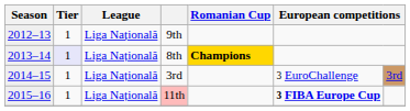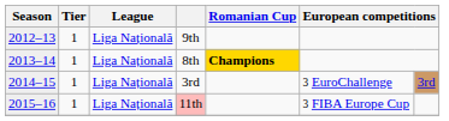 <table class="wikitable" style="font-size:85%; text-align:center">
 <tr>
 <th>Season</th>
 <th>Tier</th>
 <th>League</th>
 <th></th>
 <th><a href='#'>Romanian Cup</a></th>
 <th colspan=2>European competitions</th>
 </tr>
 <tr>
 <td bgcolor=#efefef><a href='#'>2012–13</a></td>
 <td>1</td>
 <td align=left><a href='#'>Liga Națională</a></td>
 <td>9th</td>
 <td></td>
 <td colspan=2></td>
 </tr>
 <tr>
 <td bgcolor=#efefef><a href='#'>2013–14</a></td>
-<td style="background: lavender;">1</td>
+<td>1</td>
 <td align=left><a href='#'>Liga Națională</a></td>
 <td>8th</td>
 <td align=left bgcolor=gold><strong>Champions</strong></td>
 <td colspan=2></td>
 </tr>
 <tr>
 <td bgcolor=#efefef><a href='#'>2014–15</a></td>
 <td>1</td>
 <td align=left><a href='#'>Liga Națională</a></td>
 <td>3rd</td>
 <td></td>
 <td align=left><small>3</small> <a href='#'>EuroChallenge</a></td>
 <td align=center bgcolor=#cc9966><a href='#'>3rd</a></td>
 </tr>
 <tr>
 <td bgcolor=#efefef><a href='#'>2015–16</a></td>
 <td>1</td>
 <td align=left><a href='#'>Liga Națională</a></td>
 <td bgcolor=#FFBBBB>11th</td>
 <td></td>
-<td align=left><strong><small>3</small> <a href='#'>FIBA Europe Cup</a></strong></td>
+<td align=left><small>3</small> <a href='#'>FIBA Europe Cup</a></td>
 <td align=center></td>
 </tr>
 <tr>
 </tr>
 </table>
